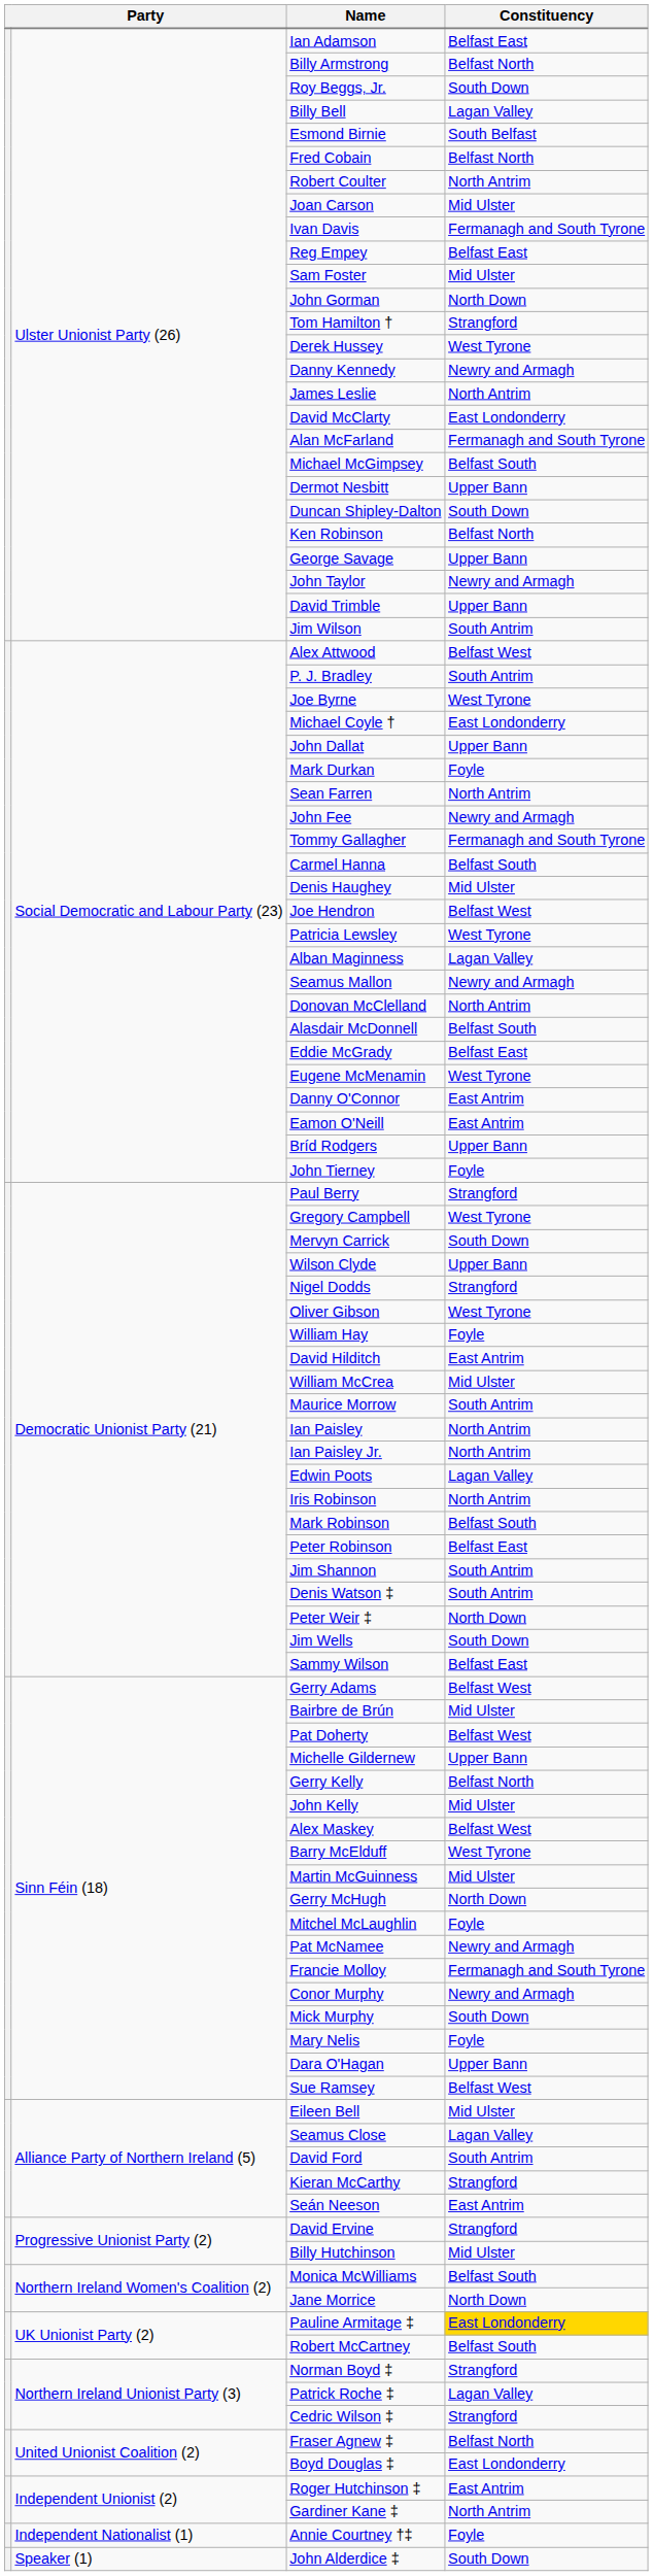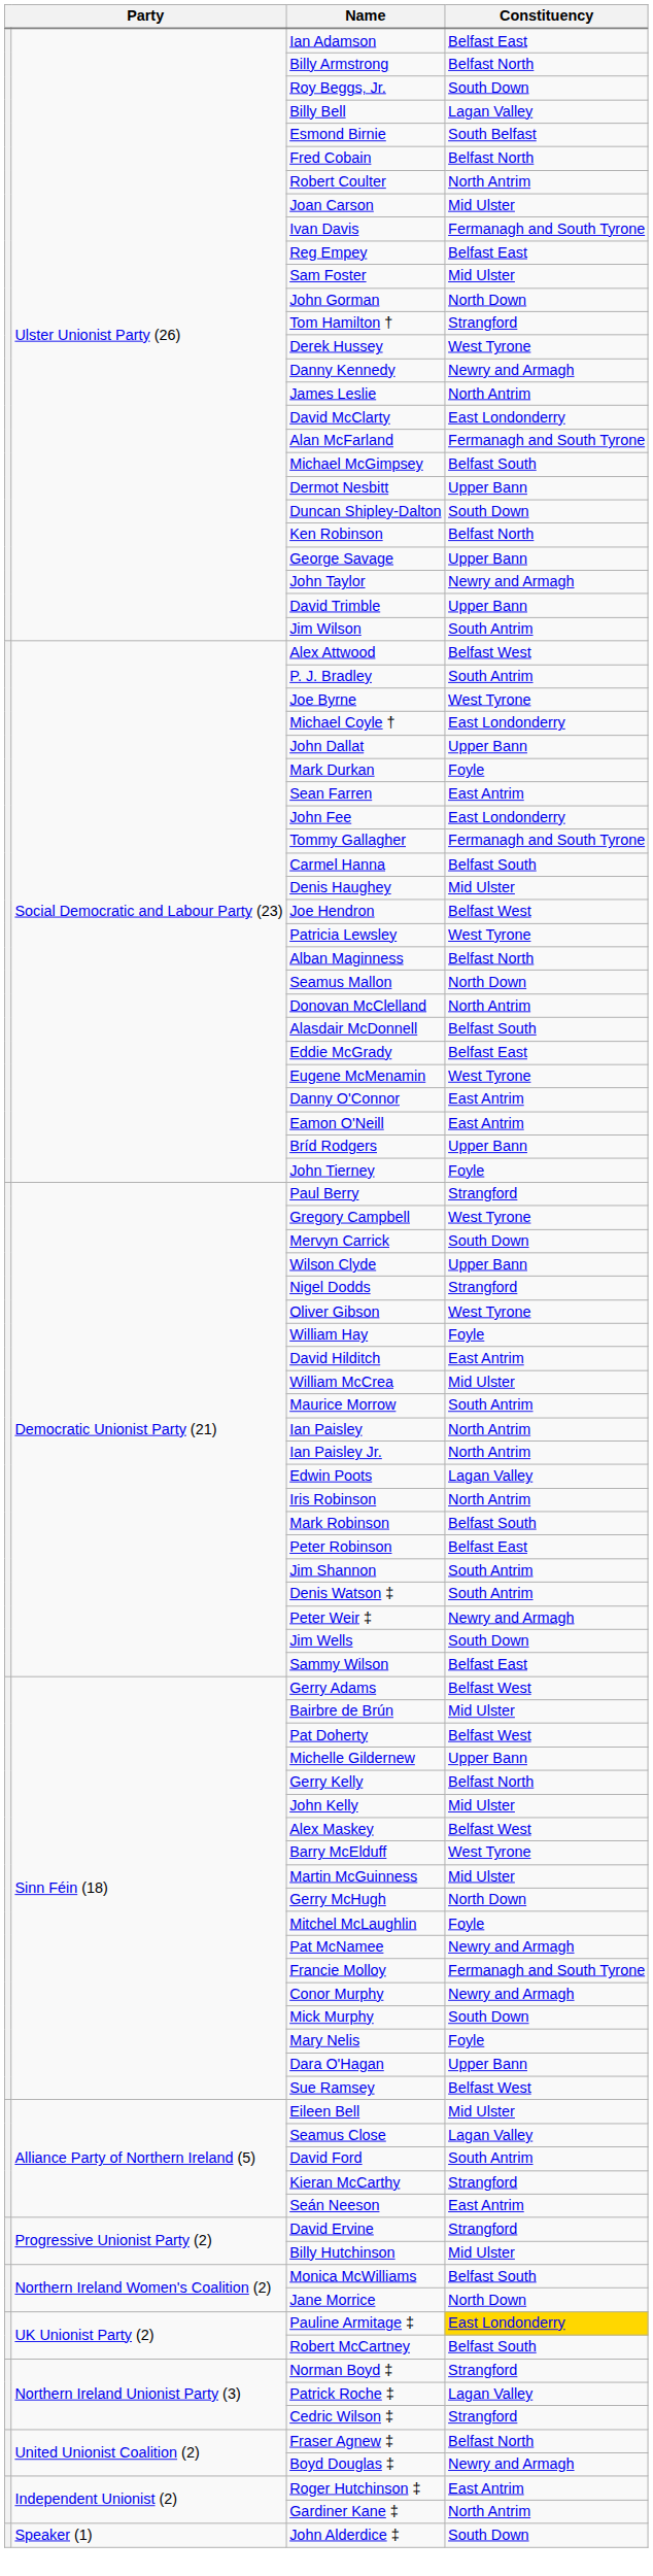 <table class="wikitable">
 <tr style="border-bottom: 2px solid gray;">
 <th colspan=2>Party</th>
 <th>Name</th>
 <th>Constituency</th>
 </tr>
 <tr>
 <th rowspan="26" style="background-color: "></th>
 <td rowspan="26"><a href='#'>Ulster Unionist Party</a> (26)</td>
 <td><a href='#'>Ian Adamson</a></td>
 <td><a href='#'>Belfast East</a></td>
 </tr>
 <tr>
 <td><a href='#'>Billy Armstrong</a></td>
 <td><a href='#'>Belfast North</a></td>
 </tr>
 <tr>
 <td><a href='#'>Roy Beggs, Jr.</a></td>
 <td><a href='#'>South Down</a></td>
 </tr>
 <tr>
 <td><a href='#'>Billy Bell</a></td>
 <td><a href='#'>Lagan Valley</a></td>
 </tr>
 <tr>
 <td><a href='#'>Esmond Birnie</a></td>
 <td><a href='#'>South Belfast</a></td>
 </tr>
 <tr>
 <td><a href='#'>Fred Cobain</a></td>
 <td><a href='#'>Belfast North</a></td>
 </tr>
 <tr>
 <td><a href='#'>Robert Coulter</a></td>
 <td><a href='#'>North Antrim</a></td>
 </tr>
 <tr>
 <td><a href='#'>Joan Carson</a></td>
 <td><a href='#'>Mid Ulster</a></td>
 </tr>
 <tr>
 <td><a href='#'>Ivan Davis</a></td>
 <td><a href='#'>Fermanagh and South Tyrone</a></td>
 </tr>
 <tr>
 <td><a href='#'>Reg Empey</a></td>
 <td><a href='#'>Belfast East</a></td>
 </tr>
 <tr>
 <td><a href='#'>Sam Foster</a></td>
 <td><a href='#'>Mid Ulster</a></td>
 </tr>
 <tr>
 <td><a href='#'>John Gorman</a></td>
 <td><a href='#'>North Down</a></td>
 </tr>
 <tr>
 <td><a href='#'>Tom Hamilton</a> †</td>
 <td><a href='#'>Strangford</a></td>
 </tr>
 <tr>
 <td><a href='#'>Derek Hussey</a></td>
 <td><a href='#'>West Tyrone</a></td>
 </tr>
 <tr>
 <td><a href='#'>Danny Kennedy</a></td>
 <td><a href='#'>Newry and Armagh</a></td>
 </tr>
 <tr>
 <td><a href='#'>James Leslie</a></td>
 <td><a href='#'>North Antrim</a></td>
 </tr>
 <tr>
 <td><a href='#'>David McClarty</a></td>
 <td><a href='#'>East Londonderry</a></td>
 </tr>
 <tr>
 <td><a href='#'>Alan McFarland</a></td>
 <td><a href='#'>Fermanagh and South Tyrone</a></td>
 </tr>
 <tr>
 <td><a href='#'>Michael McGimpsey</a></td>
 <td><a href='#'>Belfast South</a></td>
 </tr>
 <tr>
 <td><a href='#'>Dermot Nesbitt</a></td>
 <td><a href='#'>Upper Bann</a></td>
 </tr>
 <tr>
 <td><a href='#'>Duncan Shipley-Dalton</a></td>
 <td><a href='#'>South Down</a></td>
 </tr>
 <tr>
 <td><a href='#'>Ken Robinson</a></td>
 <td><a href='#'>Belfast North</a></td>
 </tr>
 <tr>
 <td><a href='#'>George Savage</a></td>
 <td><a href='#'>Upper Bann</a></td>
 </tr>
 <tr>
 <td><a href='#'>John Taylor</a></td>
 <td><a href='#'>Newry and Armagh</a></td>
 </tr>
 <tr>
 <td><a href='#'>David Trimble</a></td>
 <td><a href='#'>Upper Bann</a></td>
 </tr>
 <tr>
 <td><a href='#'>Jim Wilson</a></td>
 <td><a href='#'>South Antrim</a></td>
 </tr>
 <tr>
 <th rowspan="23" style="background-color: "></th>
 <td rowspan="23"><a href='#'>Social Democratic and Labour Party</a> (23)</td>
 <td><a href='#'>Alex Attwood</a></td>
 <td><a href='#'>Belfast West</a></td>
 </tr>
 <tr>
 <td><a href='#'>P. J. Bradley</a></td>
 <td><a href='#'>South Antrim</a></td>
 </tr>
 <tr>
 <td><a href='#'>Joe Byrne</a></td>
 <td><a href='#'>West Tyrone</a></td>
 </tr>
 <tr>
 <td><a href='#'>Michael Coyle</a> †</td>
 <td><a href='#'>East Londonderry</a></td>
 </tr>
 <tr>
 <td><a href='#'>John Dallat</a></td>
 <td><a href='#'>Upper Bann</a></td>
 </tr>
 <tr>
 <td><a href='#'>Mark Durkan</a></td>
 <td><a href='#'>Foyle</a></td>
 </tr>
 <tr>
 <td><a href='#'>Sean Farren</a></td>
-<td><a href='#'>North Antrim</a></td>
+<td><a href='#'>East Antrim</a></td>
 </tr>
 <tr>
 <td><a href='#'>John Fee</a></td>
-<td><a href='#'>Newry and Armagh</a></td>
+<td><a href='#'>East Londonderry</a></td>
 </tr>
 <tr>
 <td><a href='#'>Tommy Gallagher</a></td>
 <td><a href='#'>Fermanagh and South Tyrone</a></td>
 </tr>
 <tr>
 <td><a href='#'>Carmel Hanna</a></td>
 <td><a href='#'>Belfast South</a></td>
 </tr>
 <tr>
 <td><a href='#'>Denis Haughey</a></td>
 <td><a href='#'>Mid Ulster</a></td>
 </tr>
 <tr>
 <td><a href='#'>Joe Hendron</a></td>
 <td><a href='#'>Belfast West</a></td>
 </tr>
 <tr>
 <td><a href='#'>Patricia Lewsley</a></td>
 <td><a href='#'>West Tyrone</a></td>
 </tr>
 <tr>
 <td><a href='#'>Alban Maginness</a></td>
-<td><a href='#'>Lagan Valley</a></td>
+<td><a href='#'>Belfast North</a></td>
 </tr>
 <tr>
 <td><a href='#'>Seamus Mallon</a></td>
-<td><a href='#'>Newry and Armagh</a></td>
+<td><a href='#'>North Down</a></td>
 </tr>
 <tr>
 <td><a href='#'>Donovan McClelland</a></td>
 <td><a href='#'>North Antrim</a></td>
 </tr>
 <tr>
 <td><a href='#'>Alasdair McDonnell</a></td>
 <td><a href='#'>Belfast South</a></td>
 </tr>
 <tr>
 <td><a href='#'>Eddie McGrady</a></td>
 <td><a href='#'>Belfast East</a></td>
 </tr>
 <tr>
 <td><a href='#'>Eugene McMenamin</a></td>
 <td><a href='#'>West Tyrone</a></td>
 </tr>
 <tr>
 <td><a href='#'>Danny O'Connor</a></td>
 <td><a href='#'>East Antrim</a></td>
 </tr>
 <tr>
 <td><a href='#'>Eamon O'Neill</a></td>
 <td><a href='#'>East Antrim</a></td>
 </tr>
 <tr>
 <td><a href='#'>Bríd Rodgers</a></td>
 <td><a href='#'>Upper Bann</a></td>
 </tr>
 <tr>
 <td><a href='#'>John Tierney</a></td>
 <td><a href='#'>Foyle</a></td>
 </tr>
 <tr>
 <th rowspan="21" style="background-color: "></th>
 <td rowspan="21"><a href='#'>Democratic Unionist Party</a> (21)</td>
 <td><a href='#'>Paul Berry</a></td>
 <td><a href='#'>Strangford</a></td>
 </tr>
 <tr>
 <td><a href='#'>Gregory Campbell</a></td>
 <td><a href='#'>West Tyrone</a></td>
 </tr>
 <tr>
 <td><a href='#'>Mervyn Carrick</a></td>
 <td><a href='#'>South Down</a></td>
 </tr>
 <tr>
 <td><a href='#'>Wilson Clyde</a></td>
 <td><a href='#'>Upper Bann</a></td>
 </tr>
 <tr>
 <td><a href='#'>Nigel Dodds</a></td>
 <td><a href='#'>Strangford</a></td>
 </tr>
 <tr>
 <td><a href='#'>Oliver Gibson</a></td>
 <td><a href='#'>West Tyrone</a></td>
 </tr>
 <tr>
 <td><a href='#'>William Hay</a></td>
 <td><a href='#'>Foyle</a></td>
 </tr>
 <tr>
 <td><a href='#'>David Hilditch</a></td>
 <td><a href='#'>East Antrim</a></td>
 </tr>
 <tr>
 <td><a href='#'>William McCrea</a></td>
 <td><a href='#'>Mid Ulster</a></td>
 </tr>
 <tr>
 <td><a href='#'>Maurice Morrow</a></td>
 <td><a href='#'>South Antrim</a></td>
 </tr>
 <tr>
 <td><a href='#'>Ian Paisley</a></td>
 <td><a href='#'>North Antrim</a></td>
 </tr>
 <tr>
 <td><a href='#'>Ian Paisley Jr.</a></td>
 <td><a href='#'>North Antrim</a></td>
 </tr>
 <tr>
 <td><a href='#'>Edwin Poots</a></td>
 <td><a href='#'>Lagan Valley</a></td>
 </tr>
 <tr>
 <td><a href='#'>Iris Robinson</a></td>
 <td><a href='#'>North Antrim</a></td>
 </tr>
 <tr>
 <td><a href='#'>Mark Robinson</a></td>
 <td><a href='#'>Belfast South</a></td>
 </tr>
 <tr>
 <td><a href='#'>Peter Robinson</a></td>
 <td><a href='#'>Belfast East</a></td>
 </tr>
 <tr>
 <td><a href='#'>Jim Shannon</a></td>
 <td><a href='#'>South Antrim</a></td>
 </tr>
 <tr>
 <td><a href='#'>Denis Watson</a> ‡</td>
 <td><a href='#'>South Antrim</a></td>
 </tr>
 <tr>
 <td><a href='#'>Peter Weir</a> ‡</td>
-<td><a href='#'>North Down</a></td>
+<td><a href='#'>Newry and Armagh</a></td>
 </tr>
 <tr>
 <td><a href='#'>Jim Wells</a></td>
 <td><a href='#'>South Down</a></td>
 </tr>
 <tr>
 <td><a href='#'>Sammy Wilson</a></td>
 <td><a href='#'>Belfast East</a></td>
 </tr>
 <tr>
 <th rowspan="18" style="background-color: "></th>
 <td rowspan="18"><a href='#'>Sinn Féin</a> (18)</td>
 <td><a href='#'>Gerry Adams</a></td>
 <td><a href='#'>Belfast West</a></td>
 </tr>
 <tr>
 <td><a href='#'>Bairbre de Brún</a></td>
 <td><a href='#'>Mid Ulster</a></td>
 </tr>
 <tr>
 <td><a href='#'>Pat Doherty</a></td>
 <td><a href='#'>Belfast West</a></td>
 </tr>
 <tr>
 <td><a href='#'>Michelle Gildernew</a></td>
 <td><a href='#'>Upper Bann</a></td>
 </tr>
 <tr>
 <td><a href='#'>Gerry Kelly</a></td>
 <td><a href='#'>Belfast North</a></td>
 </tr>
 <tr>
 <td><a href='#'>John Kelly</a></td>
 <td><a href='#'>Mid Ulster</a></td>
 </tr>
 <tr>
 <td><a href='#'>Alex Maskey</a></td>
 <td><a href='#'>Belfast West</a></td>
 </tr>
 <tr>
 <td><a href='#'>Barry McElduff</a></td>
 <td><a href='#'>West Tyrone</a></td>
 </tr>
 <tr>
 <td><a href='#'>Martin McGuinness</a></td>
 <td><a href='#'>Mid Ulster</a></td>
 </tr>
 <tr>
 <td><a href='#'>Gerry McHugh</a></td>
 <td><a href='#'>North Down</a></td>
 </tr>
 <tr>
 <td><a href='#'>Mitchel McLaughlin</a></td>
 <td><a href='#'>Foyle</a></td>
 </tr>
 <tr>
 <td><a href='#'>Pat McNamee</a></td>
 <td><a href='#'>Newry and Armagh</a></td>
 </tr>
 <tr>
 <td><a href='#'>Francie Molloy</a></td>
 <td><a href='#'>Fermanagh and South Tyrone</a></td>
 </tr>
 <tr>
 <td><a href='#'>Conor Murphy</a></td>
 <td><a href='#'>Newry and Armagh</a></td>
 </tr>
 <tr>
 <td><a href='#'>Mick Murphy</a></td>
 <td><a href='#'>South Down</a></td>
 </tr>
 <tr>
 <td><a href='#'>Mary Nelis</a></td>
 <td><a href='#'>Foyle</a></td>
 </tr>
 <tr>
 <td><a href='#'>Dara O'Hagan</a></td>
 <td><a href='#'>Upper Bann</a></td>
 </tr>
 <tr>
 <td><a href='#'>Sue Ramsey</a></td>
 <td><a href='#'>Belfast West</a></td>
 </tr>
 <tr>
 <th rowspan="5" style="background-color: "></th>
 <td rowspan="5"><a href='#'>Alliance Party of Northern Ireland</a> (5)</td>
 <td><a href='#'>Eileen Bell</a></td>
 <td><a href='#'>Mid Ulster</a></td>
 </tr>
 <tr>
 <td><a href='#'>Seamus Close</a></td>
 <td><a href='#'>Lagan Valley</a></td>
 </tr>
 <tr>
 <td><a href='#'>David Ford</a></td>
 <td><a href='#'>South Antrim</a></td>
 </tr>
 <tr>
 <td><a href='#'>Kieran McCarthy</a></td>
 <td><a href='#'>Strangford</a></td>
 </tr>
 <tr>
 <td><a href='#'>Seán Neeson</a></td>
 <td><a href='#'>East Antrim</a></td>
 </tr>
 <tr>
 <th rowspan="2" style="background-color: "></th>
 <td rowspan="2"><a href='#'>Progressive Unionist Party</a> (2)</td>
 <td><a href='#'>David Ervine</a></td>
 <td><a href='#'>Strangford</a></td>
 </tr>
 <tr>
 <td><a href='#'>Billy Hutchinson</a></td>
 <td><a href='#'>Mid Ulster</a></td>
 </tr>
 <tr>
 <th rowspan="2" style="background-color: "></th>
 <td rowspan="2"><a href='#'>Northern Ireland Women's Coalition</a> (2)</td>
 <td><a href='#'>Monica McWilliams</a></td>
 <td><a href='#'>Belfast South</a></td>
 </tr>
 <tr>
 <td><a href='#'>Jane Morrice</a></td>
 <td><a href='#'>North Down</a></td>
 </tr>
 <tr>
 <th rowspan="2" style="background-color: "></th>
 <td rowspan="2"><a href='#'>UK Unionist Party</a> (2)</td>
 <td><a href='#'>Pauline Armitage</a> ‡</td>
 <td style="background: gold;"><a href='#'>East Londonderry</a></td>
 </tr>
 <tr>
 <td><a href='#'>Robert McCartney</a></td>
 <td><a href='#'>Belfast South</a></td>
 </tr>
 <tr>
 <th rowspan="3" style="background-color: "></th>
 <td rowspan="3"><a href='#'>Northern Ireland Unionist Party</a> (3)</td>
 <td><a href='#'>Norman Boyd</a> ‡</td>
 <td><a href='#'>Strangford</a></td>
 </tr>
 <tr>
 <td><a href='#'>Patrick Roche</a> ‡</td>
 <td><a href='#'>Lagan Valley</a></td>
 </tr>
 <tr>
 <td><a href='#'>Cedric Wilson</a> ‡</td>
 <td><a href='#'>Strangford</a></td>
 </tr>
 <tr>
 <th rowspan="2" style="background-color: "></th>
 <td rowspan="2"><a href='#'>United Unionist Coalition</a> (2)</td>
 <td><a href='#'>Fraser Agnew</a> ‡</td>
 <td><a href='#'>Belfast North</a></td>
 </tr>
 <tr>
 <td><a href='#'>Boyd Douglas</a> ‡</td>
-<td><a href='#'>East Londonderry</a></td>
+<td><a href='#'>Newry and Armagh</a></td>
 </tr>
 <tr>
 <th rowspan="2" style="background-color: "></th>
 <td rowspan="2"><a href='#'>Independent Unionist</a> (2)</td>
 <td><a href='#'>Roger Hutchinson</a> ‡</td>
 <td><a href='#'>East Antrim</a></td>
 </tr>
 <tr>
 <td><a href='#'>Gardiner Kane</a> ‡</td>
 <td><a href='#'>North Antrim</a></td>
 </tr>
 <tr>
 <th rowspan="1" style="background-color: "></th>
-<td rowspan="1"><a href='#'>Independent Nationalist</a> (1)</td>
-<td><a href='#'>Annie Courtney</a> †‡</td>
-<td><a href='#'>Foyle</a></td>
-</tr>
-<tr>
-<th rowspan="1" style="background-color: "></th>
 <td rowspan="1"><a href='#'>Speaker</a> (1)</td>
 <td><a href='#'>John Alderdice</a> ‡</td>
 <td><a href='#'>South Down</a></td>
 </tr>
 </table>
